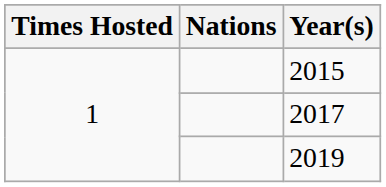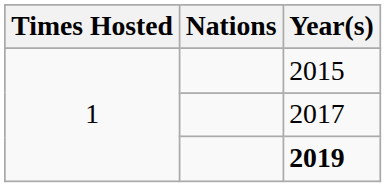 <table class="wikitable">
 <tr>
 <th>Times Hosted</th>
 <th>Nations</th>
 <th>Year(s)</th>
 </tr>
 <tr>
 <td rowspan=3 align=center>1</td>
 <td></td>
 <td>2015</td>
 </tr>
 <tr>
 <td></td>
 <td>2017</td>
 </tr>
 <tr>
 <td></td>
-<td>2019</td>
+<td><strong>2019</strong></td>
 </tr>
 </table>
